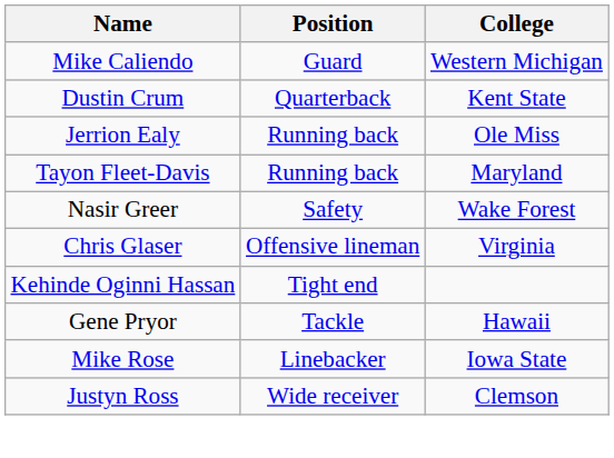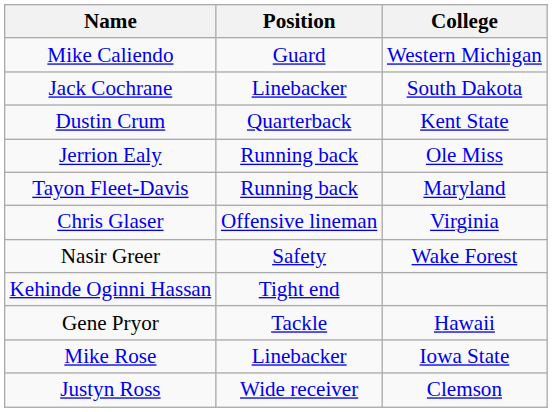 <table class="wikitable" style="text-align:center">
 <tr>
 <th>Name</th>
 <th>Position</th>
 <th>College</th>
 </tr>
 <tr>
 <td><a href='#'>Mike Caliendo</a></td>
 <td><a href='#'>Guard</a></td>
 <td><a href='#'>Western Michigan</a></td>
+</tr>
+<tr>
+<td><a href='#'>Jack Cochrane</a></td>
+<td><a href='#'>Linebacker</a></td>
+<td><a href='#'>South Dakota</a></td>
 </tr>
 <tr>
 <td><a href='#'>Dustin Crum</a></td>
 <td><a href='#'>Quarterback</a></td>
 <td><a href='#'>Kent State</a></td>
 </tr>
 <tr>
 <td><a href='#'>Jerrion Ealy</a></td>
 <td><a href='#'>Running back</a></td>
 <td><a href='#'>Ole Miss</a></td>
 </tr>
 <tr>
 <td><a href='#'>Tayon Fleet-Davis</a></td>
 <td><a href='#'>Running back</a></td>
 <td><a href='#'>Maryland</a></td>
 </tr>
 <tr>
+<td><a href='#'>Chris Glaser</a></td>
+<td><a href='#'>Offensive lineman</a></td>
+<td><a href='#'>Virginia</a></td>
+</tr>
+<tr>
 <td>Nasir Greer</td>
 <td><a href='#'>Safety</a></td>
 <td><a href='#'>Wake Forest</a></td>
-</tr>
-<tr>
-<td><a href='#'>Chris Glaser</a></td>
-<td><a href='#'>Offensive lineman</a></td>
-<td><a href='#'>Virginia</a></td>
 </tr>
 <tr>
 <td><a href='#'>Kehinde Oginni Hassan</a></td>
 <td><a href='#'>Tight end</a></td>
 <td></td>
 </tr>
 <tr>
 <td>Gene Pryor</td>
 <td><a href='#'>Tackle</a></td>
 <td><a href='#'>Hawaii</a></td>
 </tr>
 <tr>
 <td><a href='#'>Mike Rose</a></td>
 <td><a href='#'>Linebacker</a></td>
 <td><a href='#'>Iowa State</a></td>
 </tr>
 <tr>
 <td><a href='#'>Justyn Ross</a></td>
 <td><a href='#'>Wide receiver</a></td>
 <td><a href='#'>Clemson</a></td>
 </tr>
 </table>
